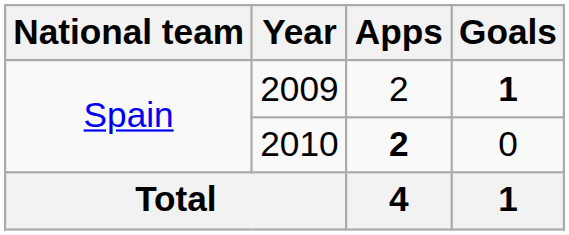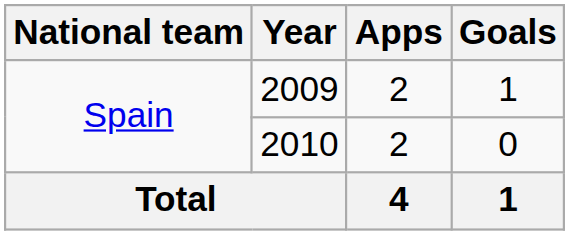 <table class="wikitable" style="text-align:center">
 <tr>
 <th>National team</th>
 <th>Year</th>
 <th>Apps</th>
 <th>Goals</th>
 </tr>
 <tr>
 <td rowspan="2"><a href='#'>Spain</a></td>
 <td>2009</td>
 <td>2</td>
-<td><strong>1</strong></td>
+<td>1</td>
 </tr>
 <tr>
 <td>2010</td>
-<td><strong>2</strong></td>
+<td>2</td>
 <td>0</td>
 </tr>
 <tr>
 <th colspan="2">Total</th>
 <th>4</th>
 <th>1</th>
 </tr>
 </table>
